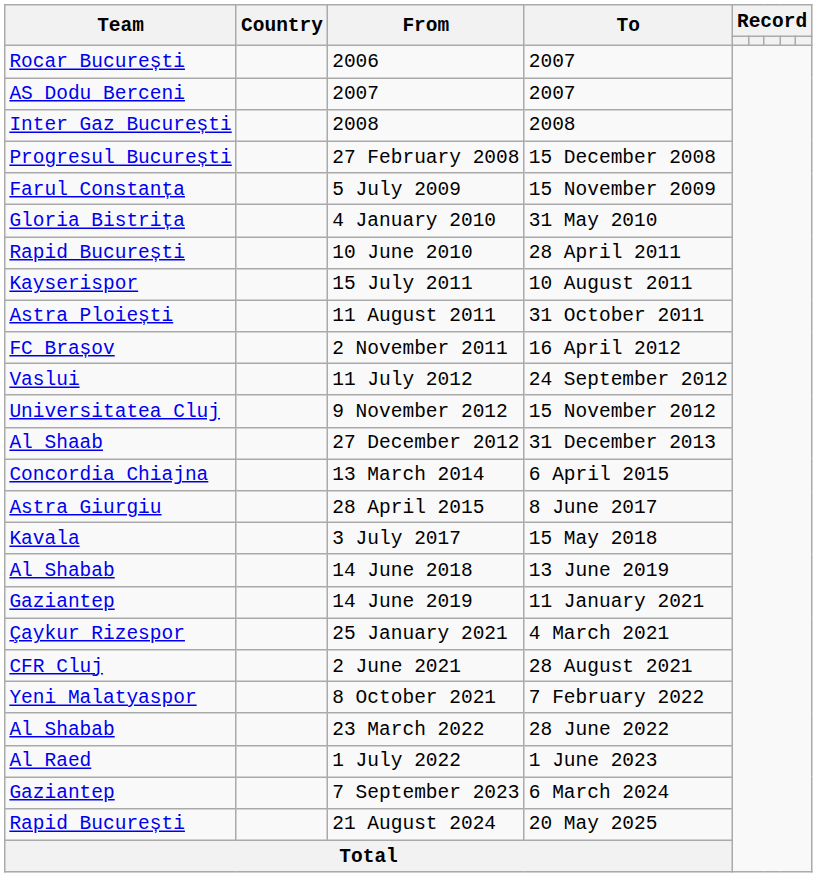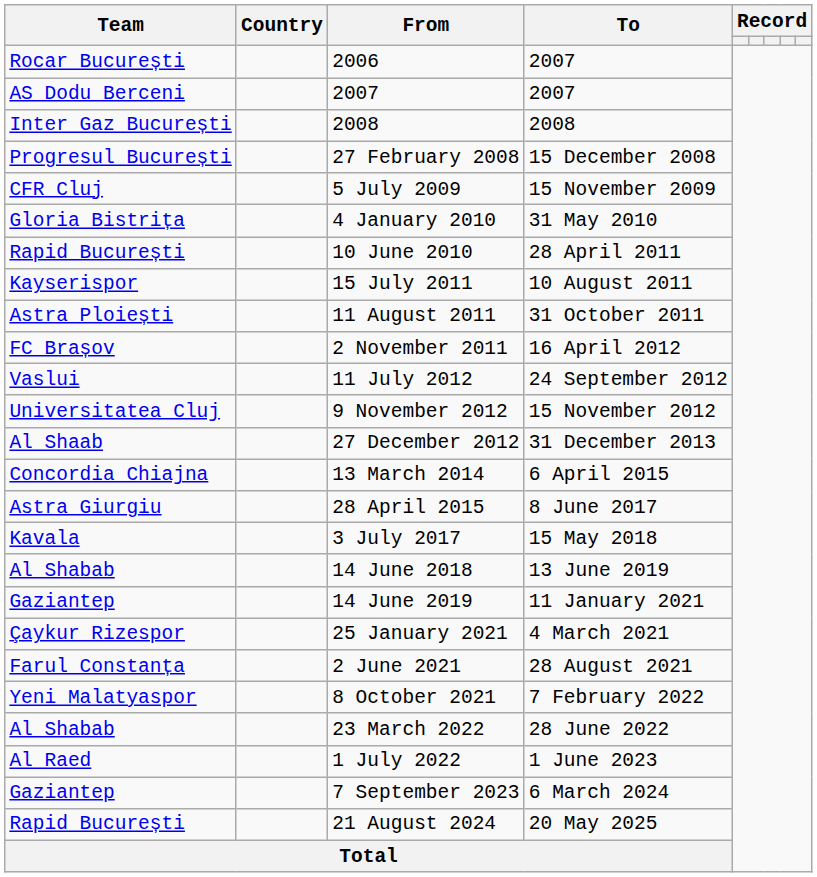 <table class="wikitable" style="text-align:center">
 <tr>
 <th rowspan=2>Team</th>
 <th rowspan=2>Country</th>
 <th rowspan=2>From</th>
 <th rowspan=2>To</th>
 <th colspan=5>Record</th>
 </tr>
 <tr>
 <th></th>
 <th></th>
 <th></th>
 <th></th>
 <th></th>
 </tr>
 <tr>
 <td align=left><a href='#'>Rocar București</a></td>
 <td></td>
 <td align=left>2006</td>
 <td align=left>2007<br></td>
 </tr>
 <tr>
 <td align=left><a href='#'>AS Dodu Berceni</a></td>
 <td></td>
 <td align=left>2007</td>
 <td align=left>2007<br></td>
 </tr>
 <tr>
 <td align=left><a href='#'>Inter Gaz București</a></td>
 <td></td>
 <td align=left>2008</td>
 <td align=left>2008<br></td>
 </tr>
 <tr>
 <td align=left><a href='#'>Progresul București</a></td>
 <td></td>
 <td align=left>27 February 2008</td>
 <td align=left>15 December 2008<br></td>
 </tr>
 <tr>
-<td align=left><a href='#'>Farul Constanța</a></td>
+<td align=left><a href='#'>CFR Cluj</a></td>
 <td></td>
 <td align=left>5 July 2009</td>
 <td align=left>15 November 2009<br></td>
 </tr>
 <tr>
 <td align=left><a href='#'>Gloria Bistrița</a></td>
 <td></td>
 <td align=left>4 January 2010</td>
 <td align=left>31 May 2010<br></td>
 </tr>
 <tr>
 <td align=left><a href='#'>Rapid București</a></td>
 <td></td>
 <td align=left>10 June 2010</td>
 <td align=left>28 April 2011<br></td>
 </tr>
 <tr>
 <td align=left><a href='#'>Kayserispor</a></td>
 <td></td>
 <td align=left>15 July 2011</td>
 <td align=left>10 August 2011<br></td>
 </tr>
 <tr>
 <td align=left><a href='#'>Astra Ploiești</a></td>
 <td></td>
 <td align=left>11 August 2011</td>
 <td align=left>31 October 2011<br></td>
 </tr>
 <tr>
 <td align=left><a href='#'>FC Brașov</a></td>
 <td></td>
 <td align=left>2 November 2011</td>
 <td align=left>16 April 2012<br></td>
 </tr>
 <tr>
 <td align=left><a href='#'>Vaslui</a></td>
 <td></td>
 <td align=left>11 July 2012</td>
 <td align=left>24 September 2012<br></td>
 </tr>
 <tr>
 <td align=left><a href='#'>Universitatea Cluj</a></td>
 <td></td>
 <td align=left>9 November 2012</td>
 <td align=left>15 November 2012<br></td>
 </tr>
 <tr>
 <td align=left><a href='#'>Al Shaab</a></td>
 <td></td>
 <td align=left>27 December 2012</td>
 <td align=left>31 December 2013<br></td>
 </tr>
 <tr>
 <td align=left><a href='#'>Concordia Chiajna</a></td>
 <td></td>
 <td align=left>13 March 2014</td>
 <td align=left>6 April 2015<br></td>
 </tr>
 <tr>
 <td align=left><a href='#'>Astra Giurgiu</a></td>
 <td></td>
 <td align=left>28 April 2015</td>
 <td align=left>8 June 2017<br></td>
 </tr>
 <tr>
 <td align=left><a href='#'>Kavala</a></td>
 <td></td>
 <td align=left>3 July 2017</td>
 <td align=left>15 May 2018<br></td>
 </tr>
 <tr>
 <td align=left><a href='#'>Al Shabab</a></td>
 <td></td>
 <td align=left>14 June 2018</td>
 <td align=left>13 June 2019<br></td>
 </tr>
 <tr>
 <td align=left><a href='#'>Gaziantep</a></td>
 <td></td>
 <td align=left>14 June 2019</td>
 <td align=left>11 January 2021<br></td>
 </tr>
 <tr>
 <td align=left><a href='#'>Çaykur Rizespor</a></td>
 <td></td>
 <td align=left>25 January 2021</td>
 <td align=left>4 March 2021<br></td>
 </tr>
 <tr>
-<td align=left><a href='#'>CFR Cluj</a></td>
+<td align=left><a href='#'>Farul Constanța</a></td>
 <td></td>
 <td align=left>2 June 2021</td>
 <td align=left>28 August 2021<br></td>
 </tr>
 <tr>
 <td align=left><a href='#'>Yeni Malatyaspor</a></td>
 <td></td>
 <td align=left>8 October 2021</td>
 <td align=left>7 February 2022<br></td>
 </tr>
 <tr>
 <td align=left><a href='#'>Al Shabab</a></td>
 <td></td>
 <td align=left>23 March 2022</td>
 <td align=left>28 June 2022<br></td>
 </tr>
 <tr>
 <td align=left><a href='#'>Al Raed</a></td>
 <td></td>
 <td align=left>1 July 2022</td>
 <td align=left>1 June 2023<br></td>
 </tr>
 <tr>
 <td align=left><a href='#'>Gaziantep</a></td>
 <td></td>
 <td align=left>7 September 2023</td>
 <td align=left>6 March 2024<br></td>
 </tr>
 <tr>
 <td align=left><a href='#'>Rapid București</a></td>
 <td></td>
 <td align=left>21 August 2024</td>
 <td align=left>20 May 2025<br></td>
 </tr>
 <tr>
 <th colspan="4">Total<br></th>
 </tr>
 </table>
